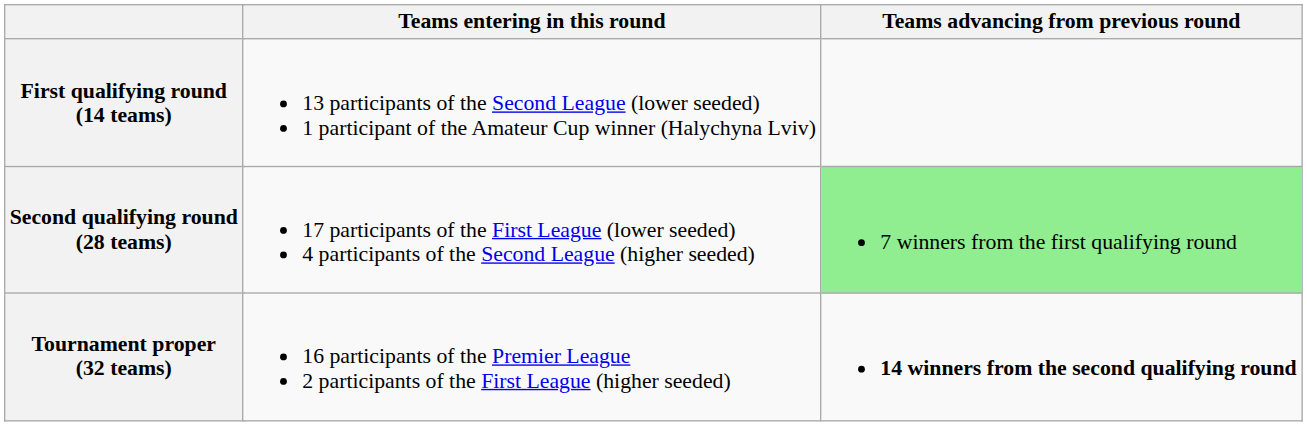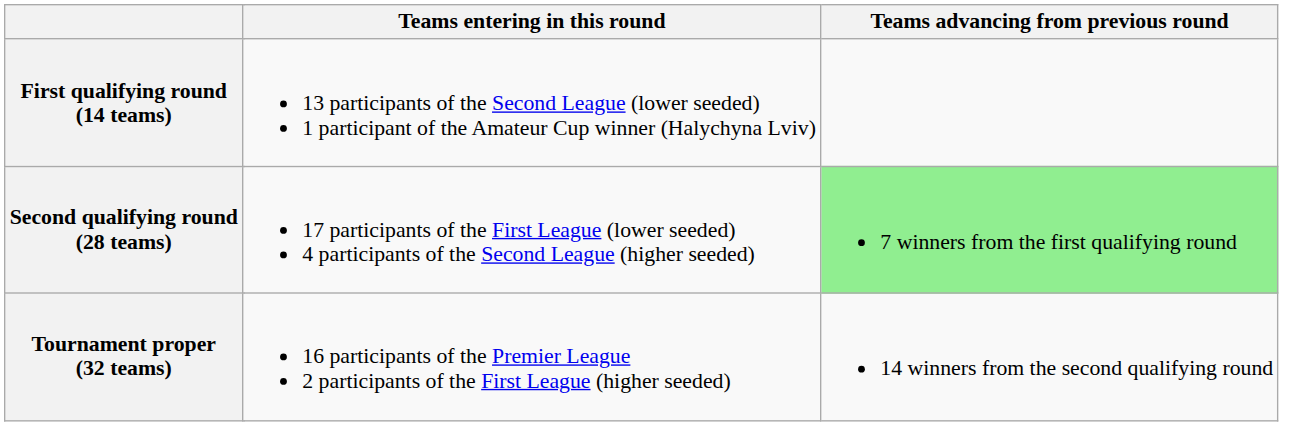 <table class="wikitable">
 <tr>
 <th colspan=2></th>
 <th>Teams entering in this round</th>
 <th>Teams advancing from previous round</th>
 </tr>
 <tr>
 <th colspan=2>First qualifying round<br> (14 teams)</th>
 <td><br><ul><li>13 participants of the <a href='#'>Second League</a> (lower seeded)</li><li>1 participant of the Amateur Cup winner (Halychyna Lviv)</li></ul></td>
 <td></td>
 </tr>
 <tr>
 <th colspan=2>Second qualifying round<br> (28 teams)</th>
 <td><br><ul><li>17 participants of the <a href='#'>First League</a> (lower seeded)</li><li>4 participants of the <a href='#'>Second League</a> (higher seeded)</li></ul></td>
 <td style="background: lightgreen;"><br><ul><li>7 winners from the first qualifying round</li></ul></td>
 </tr>
 <tr>
 <th colspan=2>Tournament proper<br> (32 teams)</th>
 <td><br><ul><li>16 participants of the <a href='#'>Premier League</a></li><li>2 participants of the <a href='#'>First League</a> (higher seeded)</li></ul></td>
-<td><strong><br><ul><li>14 winners from the second qualifying round</li></ul></strong></td>
+<td><br><ul><li>14 winners from the second qualifying round</li></ul></td>
 </tr>
 </table>
